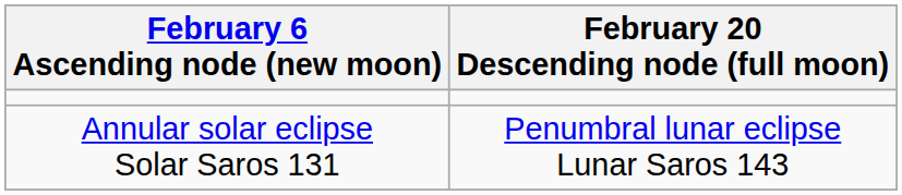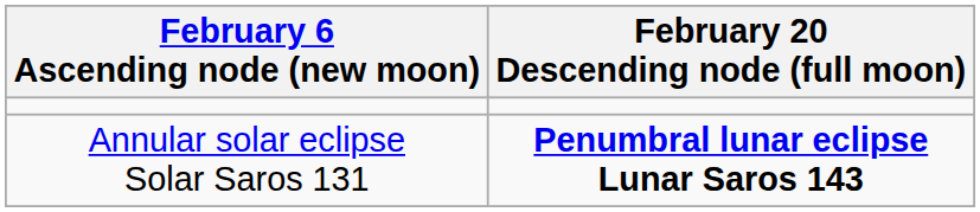 <table class="wikitable">
 <tr>
 <th><a href='#'>February 6</a><br>Ascending node (new moon)<br></th>
 <th>February 20<br>Descending node (full moon)<br></th>
 </tr>
 <tr>
 <td></td>
 <td></td>
 </tr>
 <tr align=center>
 <td><a href='#'>Annular solar eclipse</a><br>Solar Saros 131</td>
-<td><a href='#'>Penumbral lunar eclipse</a><br>Lunar Saros 143</td>
+<td><strong><a href='#'>Penumbral lunar eclipse</a><br>Lunar Saros 143</strong></td>
 </tr>
 </table>
